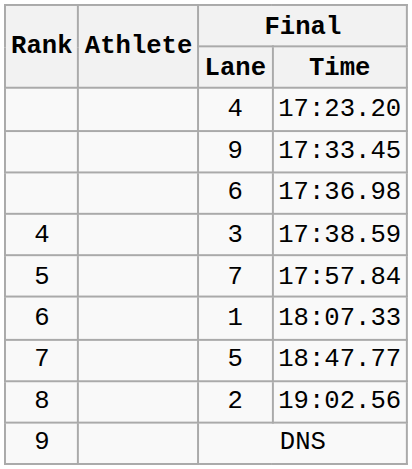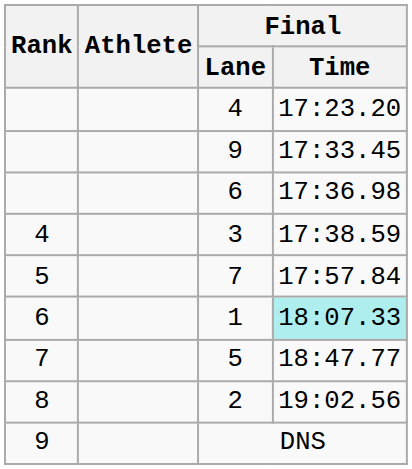 <table class="wikitable sortable"  style="text-align:center">
 <tr>
 <th rowspan="2" data-sort-type=number>Rank</th>
 <th rowspan="2">Athlete</th>
 <th colspan="2">Final</th>
 </tr>
 <tr>
 <th>Lane</th>
 <th>Time</th>
 </tr>
 <tr>
 <td></td>
 <td align="left"></td>
 <td>4</td>
 <td>17:23.20</td>
 </tr>
 <tr>
 <td></td>
 <td align="left"></td>
 <td>9</td>
 <td>17:33.45</td>
 </tr>
 <tr>
 <td></td>
 <td align="left"></td>
 <td>6</td>
 <td>17:36.98</td>
 </tr>
 <tr>
 <td>4</td>
 <td align="left"></td>
 <td>3</td>
 <td>17:38.59</td>
 </tr>
 <tr>
 <td>5</td>
 <td align="left"></td>
 <td>7</td>
 <td>17:57.84</td>
 </tr>
 <tr>
 <td>6</td>
 <td align="left"></td>
 <td>1</td>
-<td>18:07.33</td>
+<td style="background: paleturquoise;">18:07.33</td>
 </tr>
 <tr>
 <td>7</td>
 <td align="left"></td>
 <td>5</td>
 <td>18:47.77</td>
 </tr>
 <tr>
 <td>8</td>
 <td align="left"></td>
 <td>2</td>
 <td>19:02.56</td>
 </tr>
 <tr>
 <td>9</td>
 <td align="left"></td>
 <td colspan="2">DNS</td>
 </tr>
 </table>
